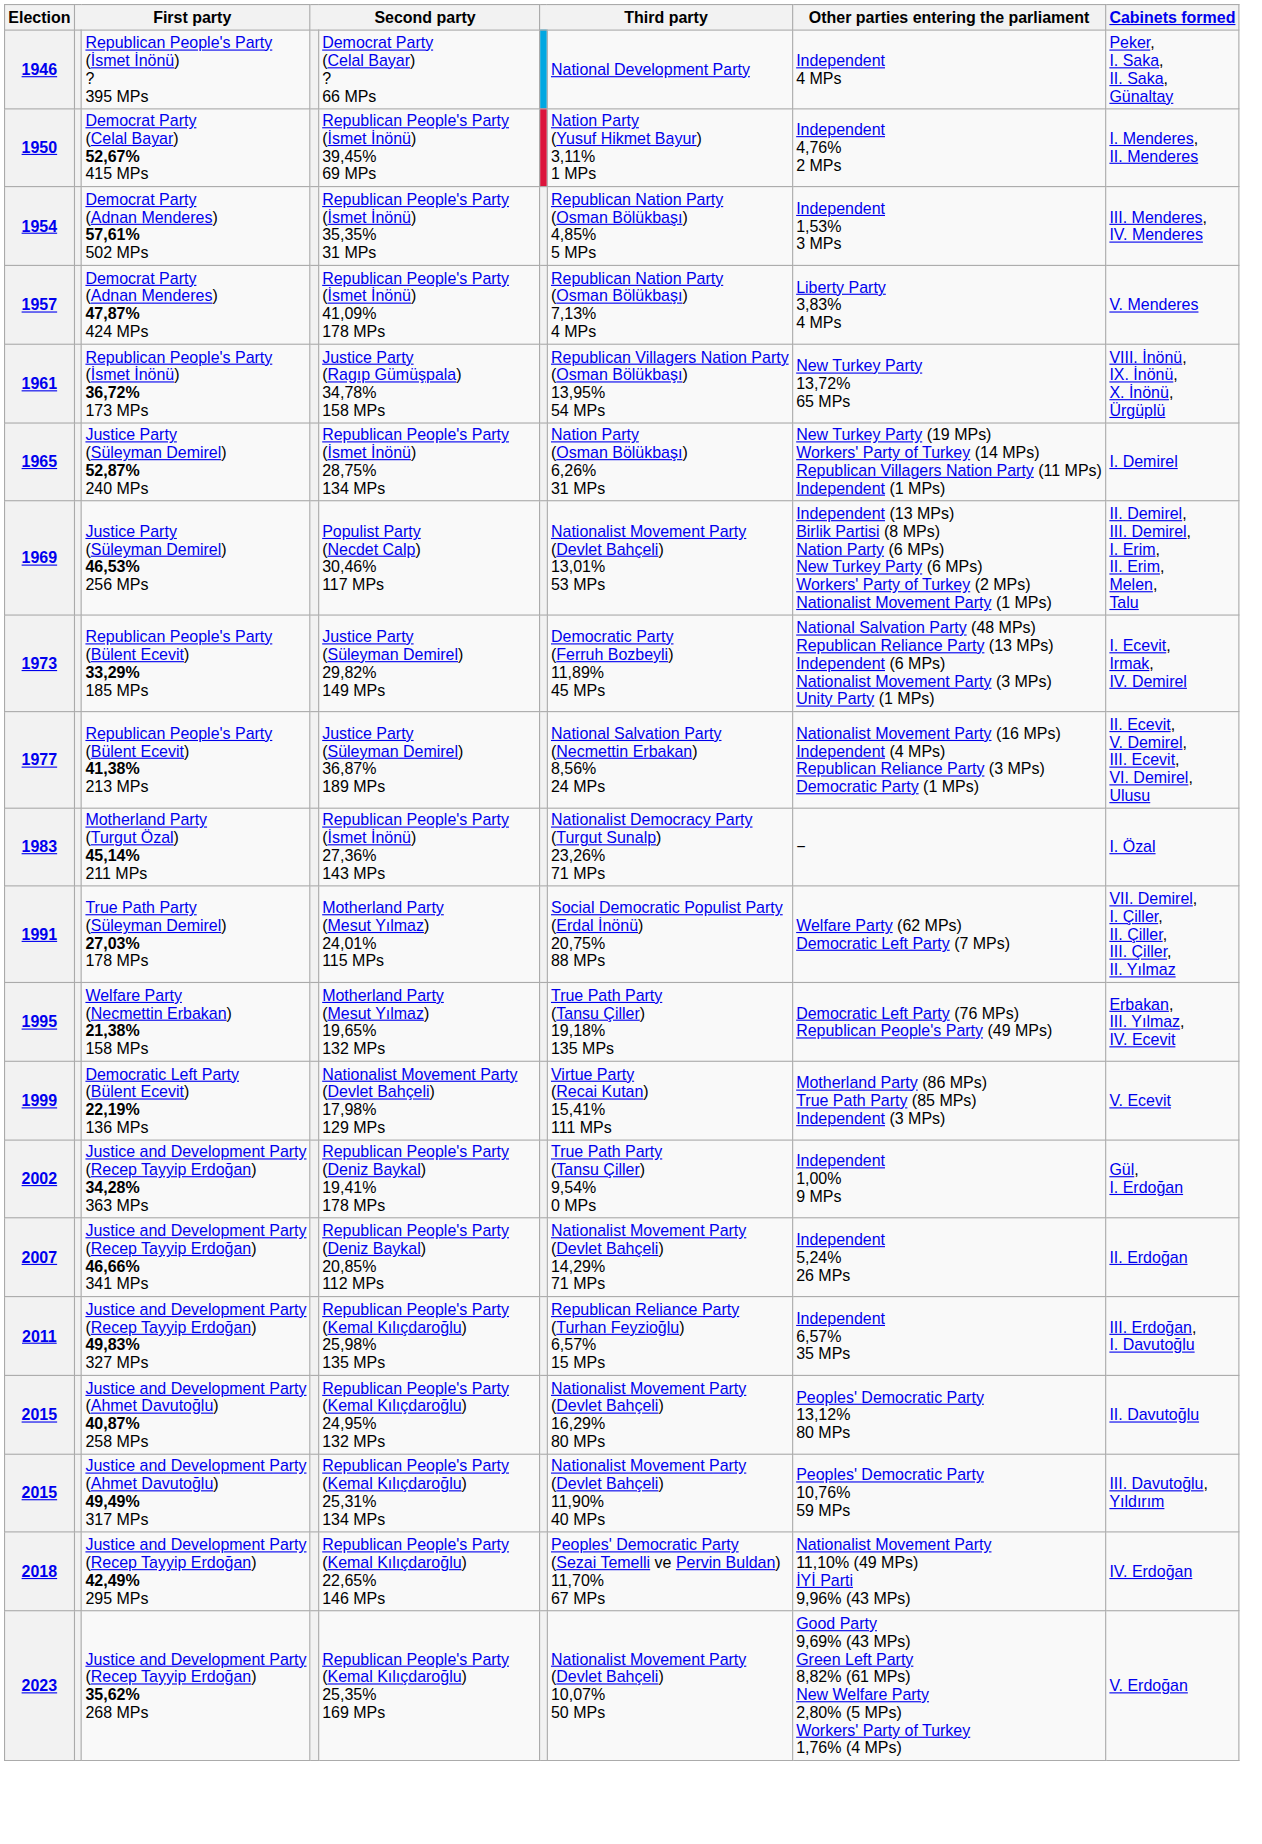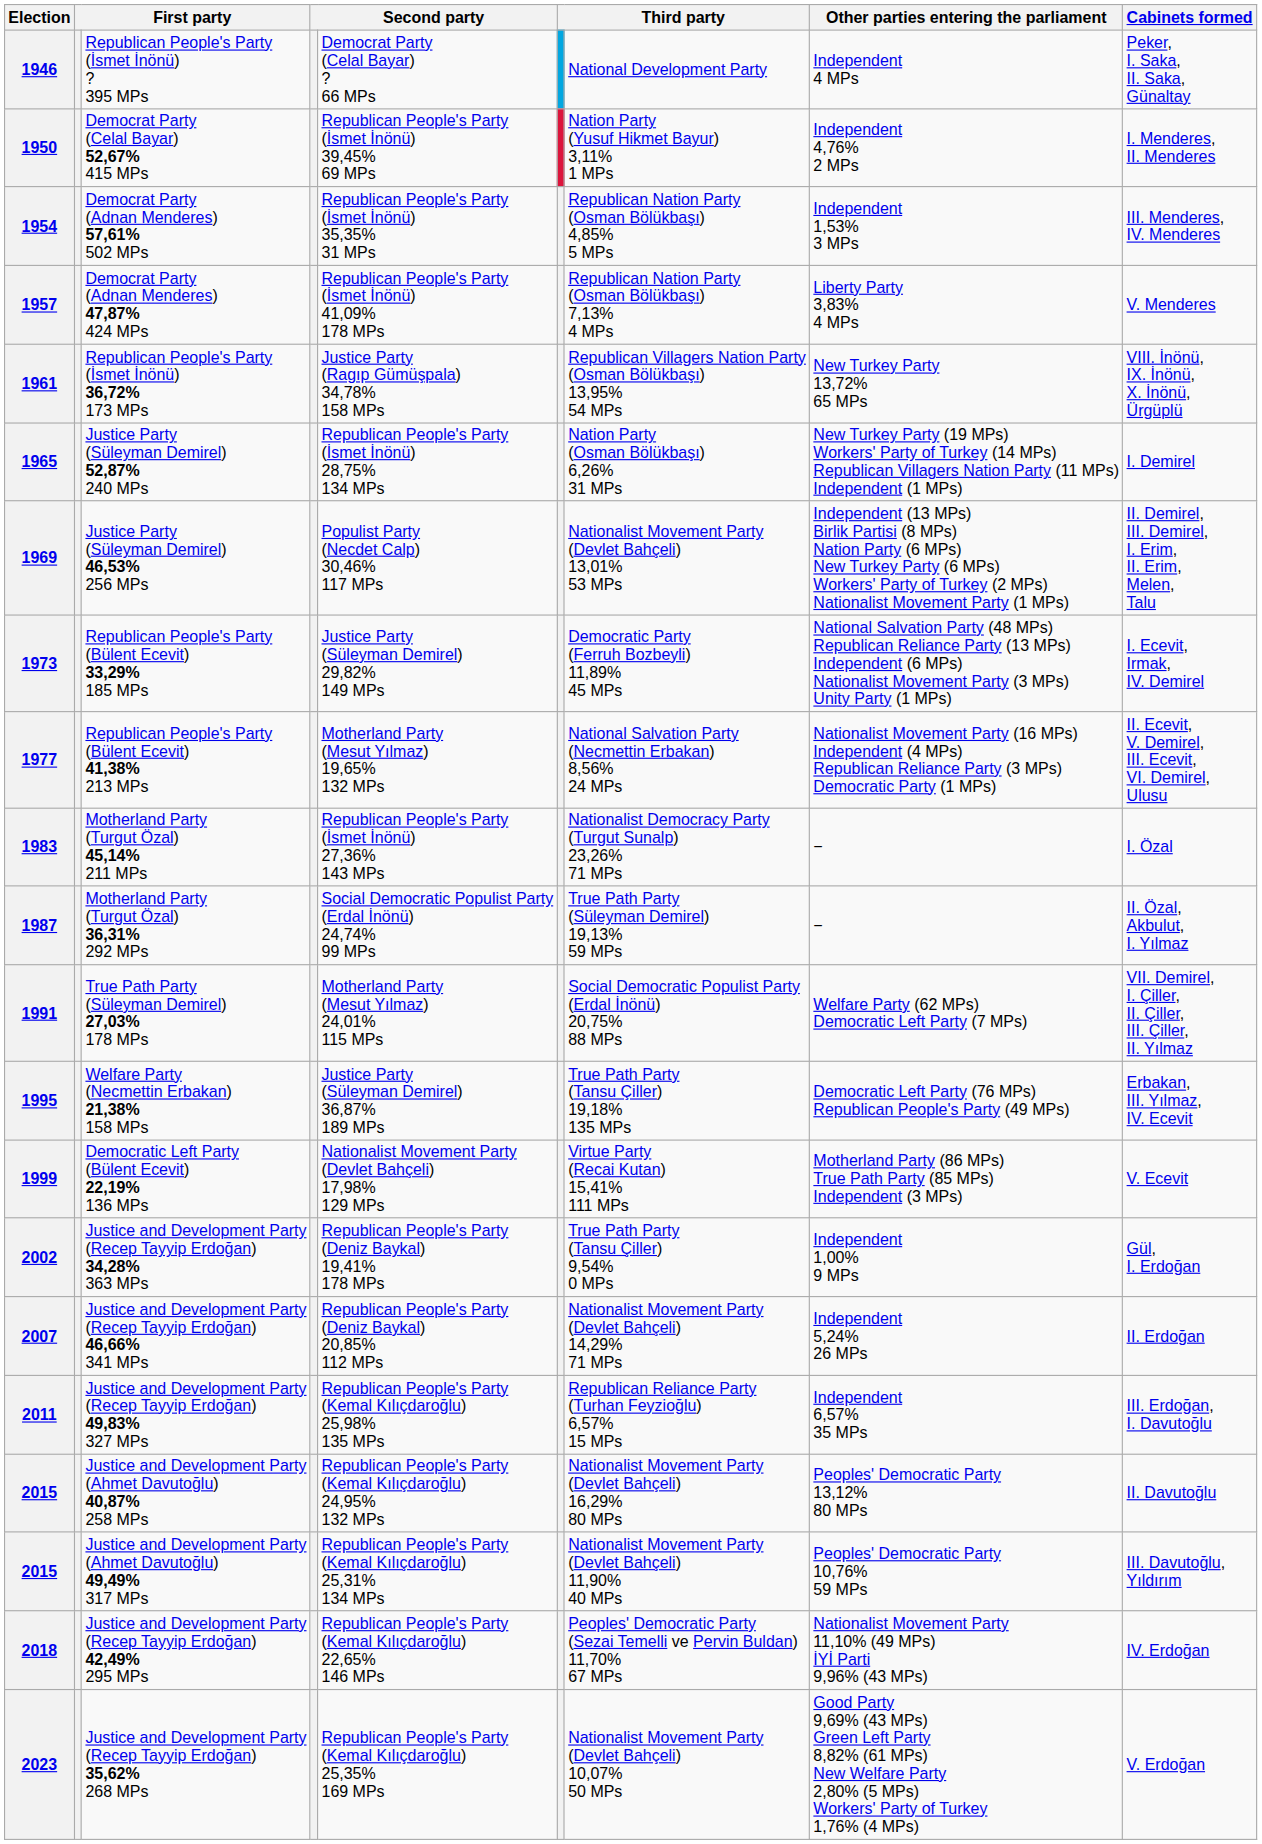 <table class="wikitable" style="font-size:90%;">
 <tr>
 <th>Election</th>
 <th colspan=2 width="200">First party</th>
 <th colspan=2 width="200">Second party</th>
 <th colspan=2 width="200">Third party</th>
 <th>Other parties entering the parliament</th>
 <th><a href='#'>Cabinets formed</a></th>
 </tr>
 <tr>
 <th><a href='#'>1946</a></th>
 <th style="background:"></th>
 <td><a href='#'>Republican People's Party</a><br>(<a href='#'>İsmet İnönü</a>)<br> ? <br> 395 MPs</td>
 <th style="background:"></th>
 <td><a href='#'>Democrat Party</a><br>(<a href='#'>Celal Bayar</a>)<br> ? <br> 66 MPs</td>
 <th style="background:#01A7E1"></th>
 <td><a href='#'>National Development Party</a></td>
 <td><a href='#'>Independent</a><br>4 MPs</td>
 <td><a href='#'>Peker</a>,<br><a href='#'>I. Saka</a>,<br><a href='#'>II. Saka</a>,<br><a href='#'>Günaltay</a></td>
 </tr>
 <tr>
 <th><a href='#'>1950</a></th>
 <th style="background:"></th>
 <td><a href='#'>Democrat Party</a><br>(<a href='#'>Celal Bayar</a>)<br> <strong>52,67%</strong> <br> 415 MPs</td>
 <th style="background:"></th>
 <td><a href='#'>Republican People's Party</a><br>(<a href='#'>İsmet İnönü</a>)<br>39,45% <br> 69 MPs</td>
 <th style="background:#DC143C"></th>
 <td><a href='#'>Nation Party</a><br>(<a href='#'>Yusuf Hikmet Bayur</a>)<br>3,11% <br> 1 MPs</td>
 <td><a href='#'>Independent</a><br>4,76% <br> 2 MPs</td>
 <td><a href='#'>I. Menderes</a>,<br><a href='#'>II. Menderes</a></td>
 </tr>
 <tr>
 <th><a href='#'>1954</a></th>
 <th style="background:"></th>
 <td><a href='#'>Democrat Party</a><br>(<a href='#'>Adnan Menderes</a>)<br> <strong>57,61%</strong> <br> 502 MPs</td>
 <th style="background:"></th>
 <td><a href='#'>Republican People's Party</a><br>(<a href='#'>İsmet İnönü</a>)<br>35,35% <br> 31 MPs</td>
 <th style="background:"></th>
 <td><a href='#'>Republican Nation Party</a><br>(<a href='#'>Osman Bölükbaşı</a>)<br>4,85% <br> 5 MPs</td>
 <td><a href='#'>Independent</a><br>1,53% <br> 3 MPs</td>
 <td><a href='#'>III. Menderes</a>,<br><a href='#'>IV. Menderes</a></td>
 </tr>
 <tr>
 <th><a href='#'>1957</a></th>
 <th style="background:"></th>
 <td><a href='#'>Democrat Party</a><br>(<a href='#'>Adnan Menderes</a>)<br> <strong>47,87%</strong> <br> 424 MPs</td>
 <th style="background:"></th>
 <td><a href='#'>Republican People's Party</a><br>(<a href='#'>İsmet İnönü</a>)<br>41,09% <br> 178 MPs</td>
 <th style="background:"></th>
 <td><a href='#'>Republican Nation Party</a><br>(<a href='#'>Osman Bölükbaşı</a>)<br>7,13% <br> 4 MPs</td>
 <td><a href='#'>Liberty Party</a><br>3,83% <br>4 MPs</td>
 <td><a href='#'>V. Menderes</a></td>
 </tr>
 <tr>
 <th><a href='#'>1961</a></th>
 <th style="background:"></th>
 <td><a href='#'>Republican People's Party</a><br>(<a href='#'>İsmet İnönü</a>)<br> <strong>36,72%</strong> <br> 173 MPs</td>
 <th style="background:"></th>
 <td><a href='#'>Justice Party</a><br>(<a href='#'>Ragıp Gümüşpala</a>)<br>34,78% <br> 158 MPs</td>
 <th style="background:"></th>
 <td><a href='#'>Republican Villagers Nation Party</a><br>(<a href='#'>Osman Bölükbaşı</a>)<br>13,95% <br> 54 MPs</td>
 <td><a href='#'>New Turkey Party</a><br>13,72% <br> 65 MPs</td>
 <td><a href='#'>VIII. İnönü</a>,<br><a href='#'>IX. İnönü</a>,<br><a href='#'>X. İnönü</a>,<br><a href='#'>Ürgüplü</a></td>
 </tr>
 <tr>
 <th><a href='#'>1965</a></th>
 <th style="background:"></th>
 <td><a href='#'>Justice Party</a><br>(<a href='#'>Süleyman Demirel</a>)<br> <strong>52,87%</strong> <br> 240 MPs</td>
 <th style="background:"></th>
 <td><a href='#'>Republican People's Party</a><br>(<a href='#'>İsmet İnönü</a>)<br>28,75% <br> 134 MPs</td>
 <th style="background:"></th>
 <td><a href='#'>Nation Party</a><br>(<a href='#'>Osman Bölükbaşı</a>)<br>6,26% <br> 31 MPs</td>
 <td><a href='#'>New Turkey Party</a> (19 MPs)<br><a href='#'>Workers' Party of Turkey</a> (14 MPs)<br> <a href='#'>Republican Villagers Nation Party</a> (11 MPs)<br><a href='#'>Independent</a> (1 MPs)</td>
 <td><a href='#'>I. Demirel</a></td>
 </tr>
 <tr>
 <th><a href='#'>1969</a></th>
 <th style="background:"></th>
 <td><a href='#'>Justice Party</a><br>(<a href='#'>Süleyman Demirel</a>)<br> <strong>46,53%</strong> <br> 256 MPs</td>
 <th style="background:"></th>
 <td><a href='#'>Populist Party</a><br>(<a href='#'>Necdet Calp</a>)<br>30,46% <br> 117 MPs</td>
 <th style="background:"></th>
 <td><a href='#'>Nationalist Movement Party</a><br>(<a href='#'>Devlet Bahçeli</a>)<br>13,01% <br> 53 MPs</td>
 <td><a href='#'>Independent</a> (13 MPs) <br><a href='#'>Birlik Partisi</a> (8 MPs)<br><a href='#'>Nation Party</a> (6 MPs)<br><a href='#'>New Turkey Party</a> (6 MPs)<br><a href='#'>Workers' Party of Turkey</a> (2 MPs)<br> <a href='#'>Nationalist Movement Party</a> (1 MPs)</td>
 <td><a href='#'>II. Demirel</a>,<br><a href='#'>III. Demirel</a>,<br><a href='#'>I. Erim</a>,<br><a href='#'>II. Erim</a>,<br><a href='#'>Melen</a>,<br><a href='#'>Talu</a></td>
 </tr>
 <tr>
 <th><a href='#'>1973</a></th>
 <th style="background:"></th>
 <td><a href='#'>Republican People's Party</a><br>(<a href='#'>Bülent Ecevit</a>)<br> <strong>33,29%</strong> <br> 185 MPs</td>
 <th style="background:"></th>
 <td><a href='#'>Justice Party</a><br>(<a href='#'>Süleyman Demirel</a>)<br>29,82% <br> 149 MPs</td>
 <th style="background:"></th>
 <td><a href='#'>Democratic Party</a><br>(<a href='#'>Ferruh Bozbeyli</a>)<br>11,89% <br> 45 MPs</td>
 <td><a href='#'>National Salvation Party</a> (48 MPs)<br><a href='#'>Republican Reliance Party</a> (13 MPs)<br><a href='#'>Independent</a> (6 MPs) <br> <a href='#'>Nationalist Movement Party</a> (3 MPs)<br><a href='#'>Unity Party</a> (1 MPs)</td>
 <td><a href='#'>I. Ecevit</a>,<br><a href='#'>Irmak</a>,<br><a href='#'>IV. Demirel</a></td>
 </tr>
 <tr>
 <th><a href='#'>1977</a></th>
 <th style="background:"></th>
 <td><a href='#'>Republican People's Party</a><br>(<a href='#'>Bülent Ecevit</a>)<br> <strong>41,38%</strong> <br> 213 MPs</td>
 <th style="background:"></th>
-<td><a href='#'>Justice Party</a><br>(<a href='#'>Süleyman Demirel</a>)<br>36,87% <br> 189 MPs</td>
+<td><a href='#'>Motherland Party</a><br>(<a href='#'>Mesut Yılmaz</a>)<br>19,65% <br> 132 MPs</td>
 <th style="background:"></th>
 <td><a href='#'>National Salvation Party</a><br>(<a href='#'>Necmettin Erbakan</a>)<br>8,56% <br> 24 MPs</td>
 <td><a href='#'>Nationalist Movement Party</a> (16 MPs)<br><a href='#'>Independent</a> (4 MPs)<br><a href='#'>Republican Reliance Party</a> (3 MPs)<br><a href='#'>Democratic Party</a> (1 MPs)</td>
 <td><a href='#'>II. Ecevit</a>,<br><a href='#'>V. Demirel</a>,<br><a href='#'>III. Ecevit</a>,<br><a href='#'>VI. Demirel</a>,<br><a href='#'>Ulusu</a></td>
 </tr>
 <tr>
 <th><a href='#'>1983</a></th>
 <th style="background:"></th>
 <td><a href='#'>Motherland Party</a><br>(<a href='#'>Turgut Özal</a>)<br> <strong>45,14%</strong> <br> 211 MPs</td>
 <th style="background:"></th>
 <td><a href='#'>Republican People's Party</a><br>(<a href='#'>İsmet İnönü</a>)<br>27,36% <br> 143 MPs</td>
 <th style="background:"></th>
 <td><a href='#'>Nationalist Democracy Party</a><br>(<a href='#'>Turgut Sunalp</a>)<br>23,26% <br> 71 MPs</td>
 <td>−</td>
 <td><a href='#'>I. Özal</a></td>
 </tr>
 <tr>
+<th><a href='#'>1987</a></th>
+<th style="background:"></th>
+<td><a href='#'>Motherland Party</a><br>(<a href='#'>Turgut Özal</a>)<br> <strong>36,31%</strong> <br> 292 MPs</td>
+<th style="background:"></th>
+<td><a href='#'>Social Democratic Populist Party</a><br>(<a href='#'>Erdal İnönü</a>)<br>24,74% <br> 99 MPs</td>
+<th style="background:"></th>
+<td><a href='#'>True Path Party</a><br>(<a href='#'>Süleyman Demirel</a>)<br>19,13% <br> 59 MPs</td>
+<td>−</td>
+<td><a href='#'>II. Özal</a>,<br><a href='#'>Akbulut</a>,<br><a href='#'>I. Yılmaz</a></td>
+</tr>
+<tr>
 <th><a href='#'>1991</a></th>
 <th style="background:"></th>
 <td><a href='#'>True Path Party</a><br>(<a href='#'>Süleyman Demirel</a>)<br> <strong>27,03%</strong> <br> 178 MPs</td>
 <th style="background:"></th>
 <td><a href='#'>Motherland Party</a><br>(<a href='#'>Mesut Yılmaz</a>)<br>24,01% <br> 115 MPs</td>
 <th style="background:"></th>
 <td><a href='#'>Social Democratic Populist Party</a><br>(<a href='#'>Erdal İnönü</a>)<br>20,75% <br> 88 MPs</td>
 <td><a href='#'>Welfare Party</a> (62 MPs)<br><a href='#'>Democratic Left Party</a> (7 MPs)</td>
 <td><a href='#'>VII. Demirel</a>,<br><a href='#'>I. Çiller</a>,<br><a href='#'>II. Çiller</a>,<br><a href='#'>III. Çiller</a>,<br><a href='#'>II. Yılmaz</a></td>
 </tr>
 <tr>
 <th><a href='#'>1995</a></th>
 <th style="background:"></th>
 <td><a href='#'>Welfare Party</a><br>(<a href='#'>Necmettin Erbakan</a>)<br> <strong>21,38%</strong> <br> 158 MPs</td>
 <th style="background:"></th>
-<td><a href='#'>Motherland Party</a><br>(<a href='#'>Mesut Yılmaz</a>)<br>19,65% <br> 132 MPs</td>
+<td><a href='#'>Justice Party</a><br>(<a href='#'>Süleyman Demirel</a>)<br>36,87% <br> 189 MPs</td>
 <th style="background:"></th>
 <td><a href='#'>True Path Party</a><br>(<a href='#'>Tansu Çiller</a>)<br>19,18% <br> 135 MPs</td>
 <td><a href='#'>Democratic Left Party</a> (76 MPs)<br><a href='#'>Republican People's Party</a> (49 MPs)</td>
 <td><a href='#'>Erbakan</a>,<br><a href='#'>III. Yılmaz</a>,<br><a href='#'>IV. Ecevit</a></td>
 </tr>
 <tr>
 <th><a href='#'>1999</a></th>
 <th style="background:"></th>
 <td><a href='#'>Democratic Left Party</a><br>(<a href='#'>Bülent Ecevit</a>)<br> <strong>22,19%</strong> <br> 136 MPs</td>
 <th style="background:"></th>
 <td><a href='#'>Nationalist Movement Party</a><br>(<a href='#'>Devlet Bahçeli</a>)<br>17,98% <br> 129 MPs</td>
 <th style="background:"></th>
 <td><a href='#'>Virtue Party</a><br>(<a href='#'>Recai Kutan</a>)<br>15,41% <br> 111 MPs</td>
 <td><a href='#'>Motherland Party</a> (86 MPs)<br><a href='#'>True Path Party</a> (85 MPs)<br><a href='#'>Independent</a> (3 MPs)</td>
 <td><a href='#'>V. Ecevit</a></td>
 </tr>
 <tr>
 <th><a href='#'>2002</a></th>
 <th style="background:"></th>
 <td><a href='#'>Justice and Development Party</a><br>(<a href='#'>Recep Tayyip Erdoğan</a>)<br> <strong>34,28%</strong> <br> 363 MPs</td>
 <th style="background:"></th>
 <td><a href='#'>Republican People's Party</a><br>(<a href='#'>Deniz Baykal</a>)<br>19,41% <br> 178 MPs</td>
 <th style="background:"></th>
 <td><a href='#'>True Path Party</a><br>(<a href='#'>Tansu Çiller</a>)<br>9,54% <br> 0 MPs</td>
 <td><a href='#'>Independent</a><br>1,00% <br> 9 MPs</td>
 <td><a href='#'>Gül</a>,<br> <a href='#'>I. Erdoğan</a></td>
 </tr>
 <tr>
 <th><a href='#'>2007</a></th>
 <th style="background:"></th>
 <td><a href='#'>Justice and Development Party</a><br>(<a href='#'>Recep Tayyip Erdoğan</a>)<br> <strong>46,66%</strong> <br> 341 MPs</td>
 <th style="background:"></th>
 <td><a href='#'>Republican People's Party</a><br>(<a href='#'>Deniz Baykal</a>)<br>20,85% <br> 112 MPs</td>
 <th style="background:"></th>
 <td><a href='#'>Nationalist Movement Party</a><br>(<a href='#'>Devlet Bahçeli</a>)<br>14,29% <br> 71 MPs</td>
 <td><a href='#'>Independent</a><br>5,24% <br> 26 MPs</td>
 <td><a href='#'>II. Erdoğan</a></td>
 </tr>
 <tr>
 <th><a href='#'>2011</a></th>
 <th style="background:"></th>
 <td><a href='#'>Justice and Development Party</a><br>(<a href='#'>Recep Tayyip Erdoğan</a>)<br> <strong>49,83%</strong> <br> 327 MPs</td>
 <th style="background:"></th>
 <td><a href='#'>Republican People's Party</a><br>(<a href='#'>Kemal Kılıçdaroğlu</a>)<br>25,98% <br> 135 MPs</td>
 <th style="background:"></th>
 <td><a href='#'>Republican Reliance Party</a><br>(<a href='#'>Turhan Feyzioğlu</a>)<br>6,57% <br> 15 MPs</td>
 <td><a href='#'>Independent</a><br>6,57% <br> 35 MPs</td>
 <td><a href='#'>III. Erdoğan</a>,<br><a href='#'>I. Davutoğlu</a></td>
 </tr>
 <tr>
 <th><a href='#'>2015<br></a></th>
 <th style="background:"></th>
 <td><a href='#'>Justice and Development Party</a><br>(<a href='#'>Ahmet Davutoğlu</a>)<br> <strong>40,87%</strong> <br> 258 MPs</td>
 <th style="background:"></th>
 <td><a href='#'>Republican People's Party</a><br>(<a href='#'>Kemal Kılıçdaroğlu</a>)<br>24,95% <br> 132 MPs</td>
 <th style="background:"></th>
 <td><a href='#'>Nationalist Movement Party</a><br>(<a href='#'>Devlet Bahçeli</a>)<br>16,29% <br> 80 MPs</td>
 <td><a href='#'>Peoples' Democratic Party</a><br>13,12% <br> 80 MPs</td>
 <td><a href='#'>II. Davutoğlu</a></td>
 </tr>
 <tr>
 <th><a href='#'>2015<br></a></th>
 <th style="background:"></th>
 <td><a href='#'>Justice and Development Party</a><br>(<a href='#'>Ahmet Davutoğlu</a>)<br> <strong>49,49%</strong> <br> 317 MPs</td>
 <th style="background:"></th>
 <td><a href='#'>Republican People's Party</a><br>(<a href='#'>Kemal Kılıçdaroğlu</a>)<br>25,31% <br> 134 MPs</td>
 <th style="background:"></th>
 <td><a href='#'>Nationalist Movement Party</a><br>(<a href='#'>Devlet Bahçeli</a>)<br>11,90% <br> 40 MPs</td>
 <td><a href='#'>Peoples' Democratic Party</a><br>10,76% <br> 59 MPs</td>
 <td><a href='#'>III. Davutoğlu</a>,<br><a href='#'>Yıldırım</a></td>
 </tr>
 <tr>
 <th><a href='#'>2018</a></th>
 <th style="background:"></th>
 <td><a href='#'>Justice and Development Party</a><br>(<a href='#'>Recep Tayyip Erdoğan</a>)<br><strong>42,49%</strong><br>295 MPs</td>
 <th style="background:"></th>
 <td><a href='#'>Republican People's Party</a><br>(<a href='#'>Kemal Kılıçdaroğlu</a>)<br>22,65% <br>146 MPs</td>
 <th style="background:"></th>
 <td><a href='#'>Peoples' Democratic Party</a><br>(<a href='#'>Sezai Temelli</a> ve <a href='#'>Pervin Buldan</a>)<br>11,70% <br>67 MPs</td>
 <td><a href='#'>Nationalist Movement Party</a><br>11,10% (49 MPs)<br><a href='#'>İYİ Parti</a><br>9,96% (43 MPs)</td>
 <td><a href='#'>IV. Erdoğan</a></td>
 </tr>
 <tr>
 <th><a href='#'>2023</a></th>
 <th style="background:"></th>
 <td><a href='#'>Justice and Development Party</a><br>(<a href='#'>Recep Tayyip Erdoğan</a>)<br><strong>35,62%</strong><br>268 MPs</td>
 <th style="background:"></th>
 <td><a href='#'>Republican People's Party</a><br>(<a href='#'>Kemal Kılıçdaroğlu</a>)<br>25,35% <br>169 MPs</td>
 <th style="background:"></th>
 <td><a href='#'>Nationalist Movement Party</a><br>(<a href='#'>Devlet Bahçeli</a>)<br>10,07% <br>50 MPs</td>
 <td><a href='#'>Good Party</a><br>9,69% (43 MPs)<br><a href='#'>Green Left Party</a><br>8,82% (61 MPs)<br><a href='#'>New Welfare Party</a><br>2,80% (5 MPs)<br><a href='#'>Workers' Party of Turkey</a><br>1,76% (4 MPs)</td>
 <td><a href='#'>V. Erdoğan</a></td>
 </tr>
 </table>
